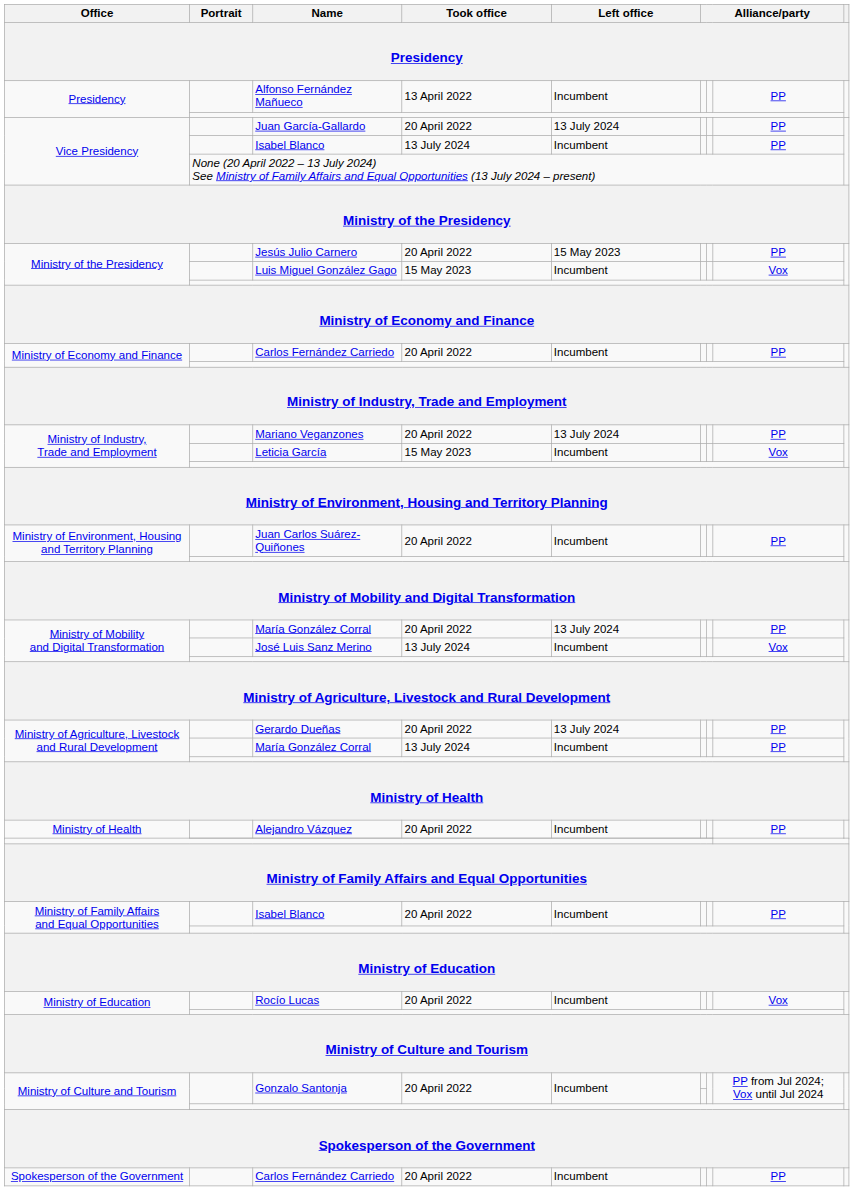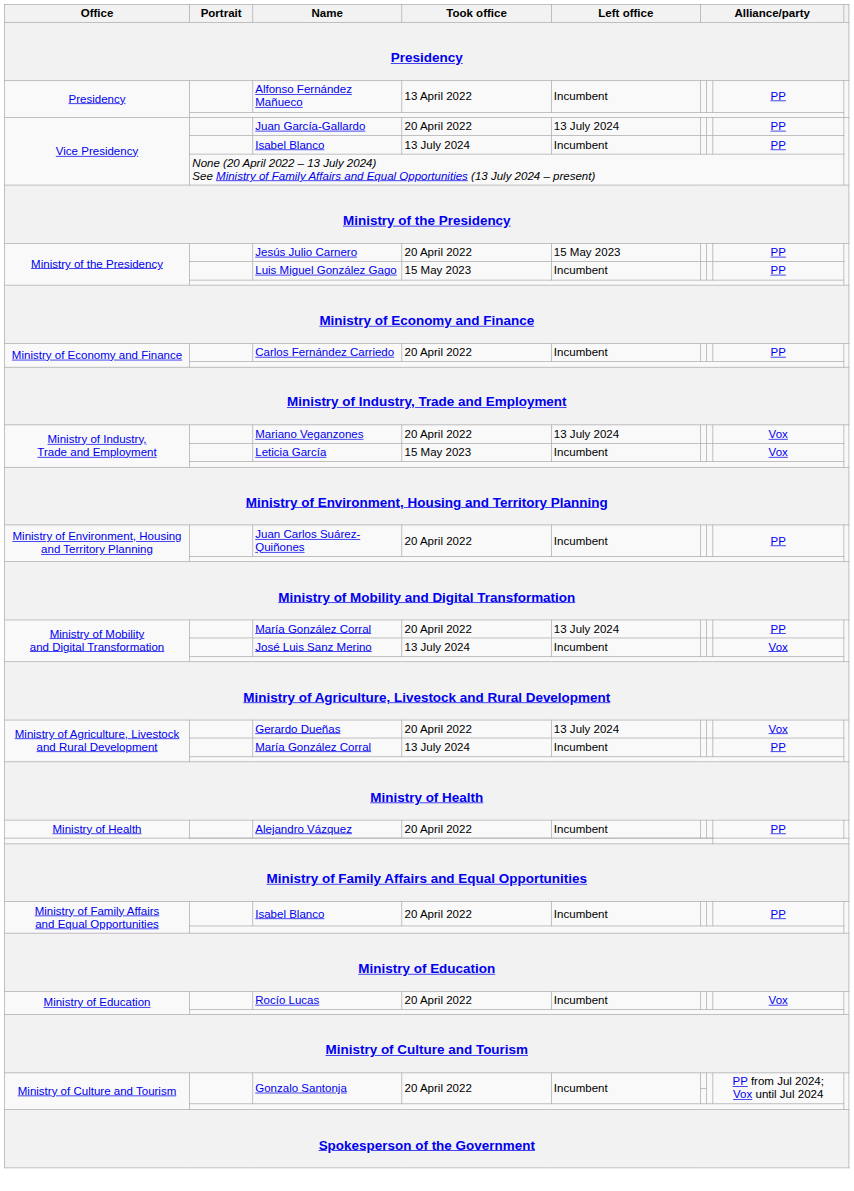 <table class="wikitable" style="line-height:18px;">
 <tr>
 <th scope="col">Office<br></th>
 <th scope="col">Portrait</th>
 <th scope="col">Name</th>
 <th scope="col">Took office</th>
 <th scope="col">Left office</th>
 <th colspan="3" scope="col">Alliance/party</th>
 <th></th>
 </tr>
 <tr>
 <th colspan="9"><br><h3><a href='#'>Presidency</a></h3></th>
 </tr>
 <tr>
 <td align="center" rowspan="2" width="250"><a href='#'>Presidency</a><br></td>
 <td width="80"></td>
 <td width="200"><a href='#'>Alfonso Fernández Mañueco</a></td>
 <td width="200">13 April 2022</td>
 <td width="200">Incumbent</td>
 <td width="1" style="background-color:"></td>
 <td width="1" style="background-color:"></td>
 <td width="175" align="center"><a href='#'>PP</a></td>
 <td align="center" rowspan="2"></td>
 </tr>
 <tr>
 <td colspan="7"></td>
 </tr>
 <tr>
 <td align="center" rowspan="3"><a href='#'>Vice Presidency</a><br></td>
 <td></td>
 <td><a href='#'>Juan García-Gallardo</a></td>
 <td>20 April 2022</td>
 <td>13 July 2024</td>
 <td style="background-color:"></td>
 <td style="background-color:"></td>
 <td align="center"><a href='#'>PP</a></td>
 <td align="center" rowspan="3"></td>
 </tr>
 <tr>
 <td></td>
 <td><a href='#'>Isabel Blanco</a></td>
 <td>13 July 2024</td>
 <td>Incumbent</td>
 <td style="background-color:"></td>
 <td style="background-color:"></td>
 <td align="center"><a href='#'>PP</a></td>
 </tr>
 <tr>
 <td colspan="7"><em>None (20 April 2022 – 13 July 2024)<br>See <a href='#'>Ministry of Family Affairs and Equal Opportunities</a> (13 July 2024 – present)</em></td>
 </tr>
 <tr>
 <th colspan="9"><br><h3><a href='#'>Ministry of the Presidency</a></h3></th>
 </tr>
 <tr>
 <td align="center" rowspan="3"><a href='#'>Ministry of the Presidency</a><br></td>
 <td></td>
 <td><a href='#'>Jesús Julio Carnero</a></td>
 <td>20 April 2022</td>
 <td>15 May 2023</td>
 <td style="background-color:"></td>
 <td style="background-color:"></td>
 <td align="center"><a href='#'>PP</a></td>
 <td align="center" rowspan="3"></td>
 </tr>
 <tr>
 <td></td>
 <td><a href='#'>Luis Miguel González Gago</a></td>
 <td>15 May 2023</td>
 <td>Incumbent</td>
 <td style="background-color:"></td>
 <td style="background-color:"></td>
-<td align="center"><a href='#'>Vox</a></td>
+<td align="center"><a href='#'>PP</a></td>
 </tr>
 <tr>
 <td colspan="7"></td>
 </tr>
 <tr>
 <th colspan="9"><br><h3><a href='#'>Ministry of Economy and Finance</a></h3></th>
 </tr>
 <tr>
 <td align="center" rowspan="2"><a href='#'>Ministry of Economy and Finance</a><br></td>
 <td></td>
 <td><a href='#'>Carlos Fernández Carriedo</a></td>
 <td>20 April 2022</td>
 <td>Incumbent</td>
 <td style="background-color:"></td>
 <td style="background-color:"></td>
 <td align="center"><a href='#'>PP</a></td>
 <td align="center" rowspan="2"></td>
 </tr>
 <tr>
 <td colspan="7"></td>
 </tr>
 <tr>
 <th colspan="9"><br><h3><a href='#'>Ministry of Industry, Trade and Employment</a></h3></th>
 </tr>
 <tr>
 <td align="center" rowspan="3"><a href='#'>Ministry of Industry,<br>Trade and Employment</a><br></td>
 <td></td>
 <td><a href='#'>Mariano Veganzones</a></td>
 <td>20 April 2022</td>
 <td>13 July 2024</td>
 <td style="background-color:"></td>
 <td style="background-color:"></td>
-<td align="center"><a href='#'>PP</a></td>
+<td align="center"><a href='#'>Vox</a></td>
 <td align="center" rowspan="3"></td>
 </tr>
 <tr>
 <td></td>
 <td><a href='#'>Leticia García</a></td>
 <td>15 May 2023</td>
 <td>Incumbent</td>
 <td style="background-color:"></td>
 <td style="background-color:"></td>
 <td align="center"><a href='#'>Vox</a></td>
 </tr>
 <tr>
 <td colspan="7"></td>
 </tr>
 <tr>
 <th colspan="9"><br><h3><a href='#'>Ministry of Environment, Housing and Territory Planning</a></h3></th>
 </tr>
 <tr>
 <td align="center" rowspan="2"><a href='#'>Ministry of Environment, Housing<br>and Territory Planning</a><br></td>
 <td></td>
 <td><a href='#'>Juan Carlos Suárez-Quiñones</a></td>
 <td>20 April 2022</td>
 <td>Incumbent</td>
 <td style="background-color:"></td>
 <td style="background-color:"></td>
 <td align="center"><a href='#'>PP</a></td>
 <td align="center" rowspan="2"></td>
 </tr>
 <tr>
 <td colspan="7"></td>
 </tr>
 <tr>
 <th colspan="9"><br><h3><a href='#'>Ministry of Mobility and Digital Transformation</a></h3></th>
 </tr>
 <tr>
 <td align="center" rowspan="3"><a href='#'>Ministry of Mobility<br>and Digital Transformation</a><br></td>
 <td></td>
 <td><a href='#'>María González Corral</a></td>
 <td>20 April 2022</td>
 <td>13 July 2024</td>
 <td style="background-color:"></td>
 <td style="background-color:"></td>
 <td align="center"><a href='#'>PP</a><br></td>
 <td align="center" rowspan="3"></td>
 </tr>
 <tr>
 <td></td>
 <td><a href='#'>José Luis Sanz Merino</a></td>
 <td>13 July 2024</td>
 <td>Incumbent</td>
 <td style="background-color:"></td>
 <td style="background-color:"></td>
 <td align="center"><a href='#'>Vox</a></td>
 </tr>
 <tr>
 <td colspan="7"></td>
 </tr>
 <tr>
 <th colspan="9"><br><h3><a href='#'>Ministry of Agriculture, Livestock and Rural Development</a></h3></th>
 </tr>
 <tr>
 <td align="center" rowspan="3"><a href='#'>Ministry of Agriculture, Livestock<br>and Rural Development</a><br></td>
 <td></td>
 <td><a href='#'>Gerardo Dueñas</a></td>
 <td>20 April 2022</td>
 <td>13 July 2024</td>
 <td style="background-color:"></td>
 <td style="background-color:"></td>
-<td align="center"><a href='#'>PP</a></td>
+<td align="center"><a href='#'>Vox</a></td>
 <td align="center" rowspan="3"></td>
 </tr>
 <tr>
 <td></td>
 <td><a href='#'>María González Corral</a></td>
 <td>13 July 2024</td>
 <td>Incumbent</td>
 <td style="background-color:"></td>
 <td style="background-color:"></td>
 <td align="center"><a href='#'>PP</a><br></td>
 </tr>
 <tr>
 <td colspan="7"></td>
 </tr>
 <tr>
 <th colspan="9"><br><h3><a href='#'>Ministry of Health</a></h3></th>
 </tr>
 <tr>
 <td align="center" rowspan="2"><a href='#'>Ministry of Health</a><br></td>
 <td></td>
 <td><a href='#'>Alejandro Vázquez</a></td>
 <td>20 April 2022</td>
 <td>Incumbent</td>
 <td style="background-color:"></td>
 <td style="background-color:"></td>
 <td align="center"><a href='#'>PP</a></td>
 <td align="center" rowspan="2"></td>
 </tr>
 <tr>
 </tr>
 <tr>
 <td colspan="7"></td>
 </tr>
 <tr>
 <th colspan="9"><br><h3><a href='#'>Ministry of Family Affairs and Equal Opportunities</a></h3></th>
 </tr>
 <tr>
 <td align="center" rowspan="2"><a href='#'>Ministry of Family Affairs<br>and Equal Opportunities</a><br></td>
 <td></td>
 <td><a href='#'>Isabel Blanco</a></td>
 <td>20 April 2022</td>
 <td>Incumbent</td>
 <td style="background-color:"></td>
 <td style="background-color:"></td>
 <td align="center"><a href='#'>PP</a></td>
 <td align="center" rowspan="2"></td>
 </tr>
 <tr>
 <td colspan="7"></td>
 </tr>
 <tr>
 <th colspan="9"><br><h3><a href='#'>Ministry of Education</a></h3></th>
 </tr>
 <tr>
 <td align="center" rowspan="2"><a href='#'>Ministry of Education</a><br></td>
 <td></td>
 <td><a href='#'>Rocío Lucas</a></td>
 <td>20 April 2022</td>
 <td>Incumbent</td>
 <td style="background-color:"></td>
 <td style="background-color:"></td>
 <td align="center"><a href='#'>Vox</a></td>
 <td align="center" rowspan="2"></td>
 </tr>
 <tr>
 <td colspan="7"></td>
 </tr>
 <tr>
 <th colspan="9"><br><h3><a href='#'>Ministry of Culture and Tourism</a></h3></th>
 </tr>
 <tr>
 <td align="center" rowspan="3"><a href='#'>Ministry of Culture and Tourism</a><br></td>
 <td rowspan="2"></td>
 <td rowspan="2"><a href='#'>Gonzalo Santonja</a></td>
 <td rowspan="2">20 April 2022</td>
 <td rowspan="2">Incumbent</td>
 <td style="background-color:"></td>
 <td rowspan="2" style="background-color:"></td>
 <td align="center" rowspan="2"><a href='#'>PP</a> from Jul 2024;<br><a href='#'>Vox</a> until Jul 2024<br></td>
 <td align="center" rowspan="3"></td>
 </tr>
 <tr>
 <td style="background-color:"></td>
 </tr>
 <tr>
 <td colspan="7"></td>
 </tr>
 <tr>
 <th colspan="9"><br><h3><a href='#'>Spokesperson of the Government</a></h3></th>
 </tr>
-<tr>
-<td align="center"><a href='#'>Spokesperson of the Government</a><br></td>
-<td></td>
-<td><a href='#'>Carlos Fernández Carriedo</a></td>
-<td>20 April 2022</td>
-<td>Incumbent</td>
-<td style="background-color:"></td>
-<td style="background-color:"></td>
-<td align="center"><a href='#'>PP</a></td>
-<td align="center"></td>
-</tr>
 </table>
